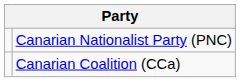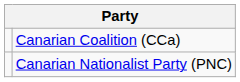 <table class="wikitable" style="text-align:left; font-size:97%;">
 <tr>
 <th colspan="2">Party</th>
 </tr>
 <tr>
+<td width="1"></td>
+<td><a href='#'>Canarian Coalition</a> (CCa)</td>
+</tr>
+<tr>
 <td></td>
 <td><a href='#'>Canarian Nationalist Party</a> (PNC)</td>
 </tr>
-<tr>
-<td width="1"></td>
-<td><a href='#'>Canarian Coalition</a> (CCa)</td>
-</tr>
 </table>
